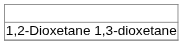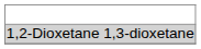 <table class="toccolours" border="1" style="float: right; clear: right; margin: 0 0 1em 1em; border-collapse: collapse;">
 <tr>
 <td align="center" bgcolor="#ffffff">  </td>
 </tr>
 <tr>
-<td>1,2-Dioxetane  1,3-dioxetane</td>
+<td style="background: lightgrey;">1,2-Dioxetane  1,3-dioxetane</td>
 </tr>
 <tr>
 </tr>
 </table>
